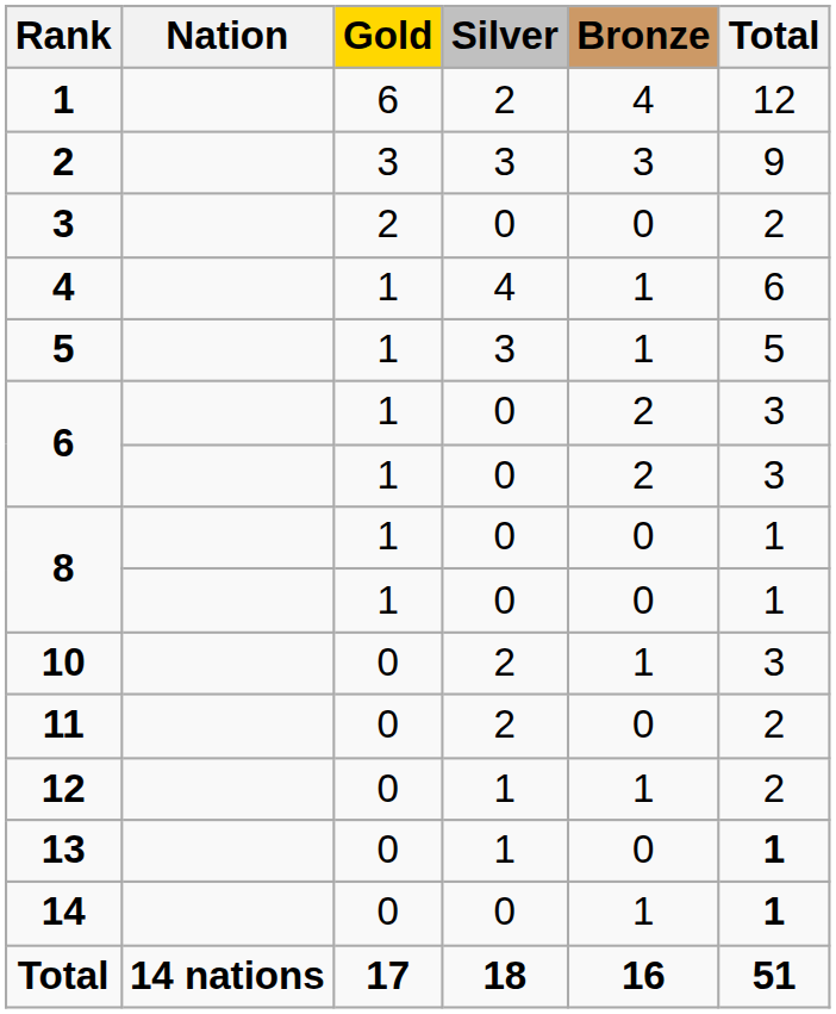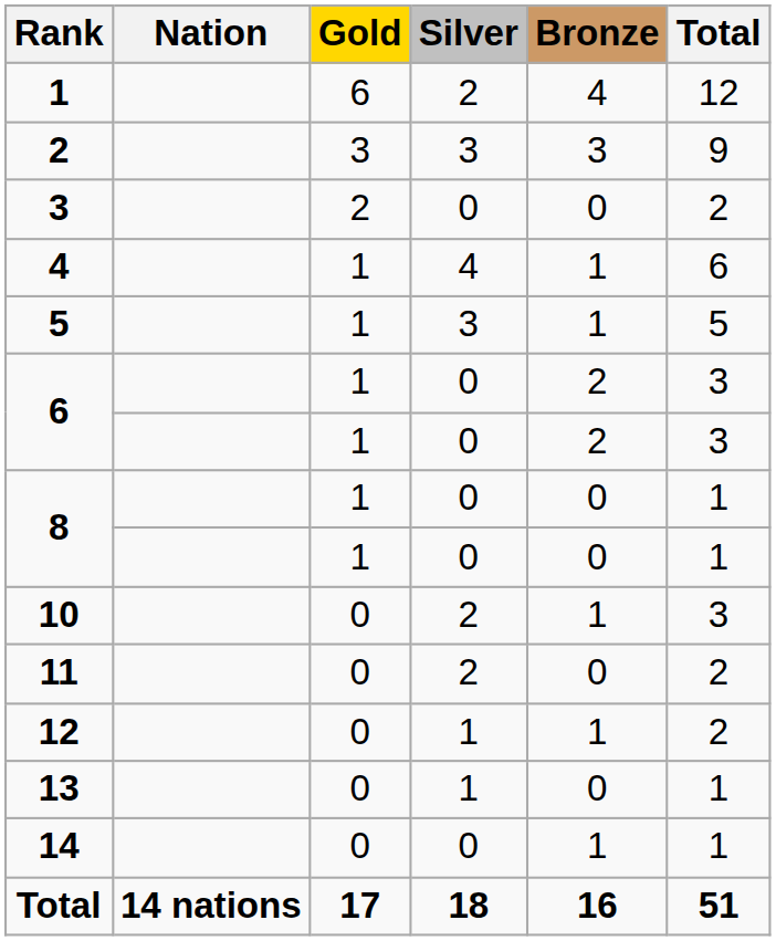 <table class="wikitable plainrowheaders" style="text-align:center;">
 <tr>
 <th>Rank</th>
 <th>Nation</th>
 <th style="background:    gold;">Gold</th>
 <th style="background:  silver;">Silver</th>
 <th style="background: #CC9966;">Bronze</th>
 <th>Total</th>
 </tr>
 <tr>
 <td><strong>1</strong></td>
 <td align=left></td>
 <td>6</td>
 <td>2</td>
 <td>4</td>
 <td>12</td>
 </tr>
 <tr>
 <td><strong>2</strong></td>
 <td align=left><em></em></td>
 <td>3</td>
 <td>3</td>
 <td>3</td>
 <td>9</td>
 </tr>
 <tr>
 <td><strong>3</strong></td>
 <td align=left></td>
 <td>2</td>
 <td>0</td>
 <td>0</td>
 <td>2</td>
 </tr>
 <tr>
 <td><strong>4</strong></td>
 <td align=left></td>
 <td>1</td>
 <td>4</td>
 <td>1</td>
 <td>6</td>
 </tr>
 <tr>
 <td><strong>5</strong></td>
 <td align=left><em></em></td>
 <td>1</td>
 <td>3</td>
 <td>1</td>
 <td>5</td>
 </tr>
 <tr>
 <td rowspan=2><strong>6</strong></td>
 <td align=left></td>
 <td>1</td>
 <td>0</td>
 <td>2</td>
 <td>3</td>
 </tr>
 <tr>
 <td align=left></td>
 <td>1</td>
 <td>0</td>
 <td>2</td>
 <td>3</td>
 </tr>
 <tr>
 <td rowspan=2><strong>8</strong></td>
 <td align=left><em></em></td>
 <td>1</td>
 <td>0</td>
 <td>0</td>
 <td>1</td>
 </tr>
 <tr>
 <td align=left><em></em></td>
 <td>1</td>
 <td>0</td>
 <td>0</td>
 <td>1</td>
 </tr>
 <tr>
 <td><strong>10</strong></td>
 <td align=left></td>
 <td>0</td>
 <td>2</td>
 <td>1</td>
 <td>3</td>
 </tr>
 <tr>
 <td><strong>11</strong></td>
 <td align=left></td>
 <td>0</td>
 <td>2</td>
 <td>0</td>
 <td>2</td>
 </tr>
 <tr>
 <td><strong>12</strong></td>
 <td align=left></td>
 <td>0</td>
 <td>1</td>
 <td>1</td>
 <td>2</td>
 </tr>
 <tr>
 <td><strong>13</strong></td>
 <td align=left></td>
 <td>0</td>
 <td>1</td>
 <td>0</td>
-<td><strong>1</strong></td>
+<td>1</td>
 </tr>
 <tr>
 <td><strong>14</strong></td>
 <td align=left></td>
 <td>0</td>
 <td>0</td>
 <td>1</td>
-<td><strong>1</strong></td>
+<td>1</td>
 </tr>
 <tr>
 <td><strong>Total</strong></td>
 <td><strong>14 nations</strong></td>
 <td><strong>17</strong></td>
 <td><strong>18</strong></td>
 <td><strong>16</strong></td>
 <td><strong>51</strong></td>
 </tr>
 </table>
